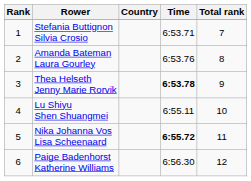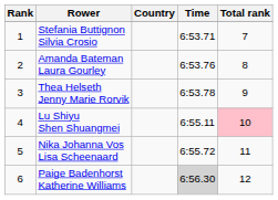 <table class="wikitable" style="text-align:center">
 <tr>
 <th>Rank</th>
 <th>Rower</th>
 <th>Country</th>
 <th>Time</th>
 <th>Total rank</th>
 </tr>
 <tr>
 </tr>
 <tr>
 <td>1</td>
 <td align="left"><a href='#'>Stefania Buttignon</a><br><a href='#'>Silvia Crosio</a></td>
 <td align="left"></td>
 <td>6:53.71</td>
 <td>7</td>
 </tr>
 <tr>
 <td>2</td>
 <td align="left"><a href='#'>Amanda Bateman</a><br><a href='#'>Laura Gourley</a></td>
 <td align="left"></td>
 <td>6:53.76</td>
 <td>8</td>
 </tr>
 <tr>
 <td>3</td>
 <td align="left"><a href='#'>Thea Helseth</a><br><a href='#'>Jenny Marie Rorvik</a></td>
 <td align="left"></td>
-<td><strong>6:53.78</strong></td>
+<td>6:53.78</td>
 <td>9</td>
 </tr>
 <tr>
 <td>4</td>
 <td align="left"><a href='#'>Lu Shiyu</a><br><a href='#'>Shen Shuangmei</a></td>
 <td align="left"></td>
 <td>6:55.11</td>
-<td>10</td>
+<td style="background: pink;">10</td>
 </tr>
 <tr>
 <td>5</td>
 <td align="left"><a href='#'>Nika Johanna Vos</a><br><a href='#'>Lisa Scheenaard</a></td>
 <td align="left"></td>
-<td><strong>6:55.72</strong></td>
+<td>6:55.72</td>
 <td>11</td>
 </tr>
 <tr>
 <td>6</td>
 <td align="left"><a href='#'>Paige Badenhorst</a><br><a href='#'>Katherine Williams</a></td>
 <td align="left"></td>
-<td>6:56.30</td>
+<td style="background: lightgrey;">6:56.30</td>
 <td>12</td>
 </tr>
 </table>
